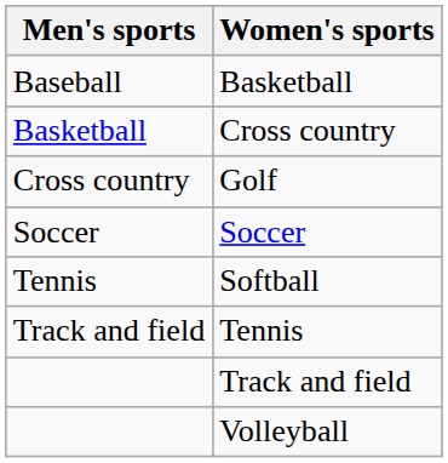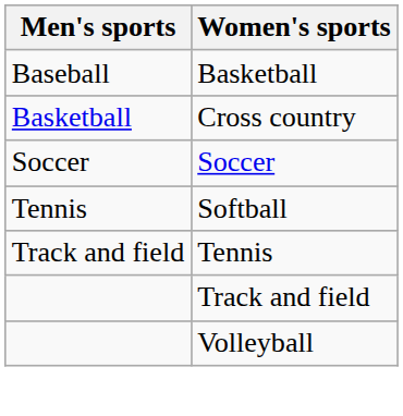 <table class= wikitable>
 <tr>
 <th>Men's sports</th>
 <th>Women's sports</th>
 </tr>
 <tr>
 <td>Baseball</td>
 <td>Basketball</td>
 </tr>
 <tr>
 <td><a href='#'>Basketball</a></td>
 <td>Cross country</td>
-</tr>
-<tr>
-<td>Cross country</td>
-<td>Golf</td>
 </tr>
 <tr>
 <td>Soccer</td>
 <td><a href='#'>Soccer</a></td>
 </tr>
 <tr>
 <td>Tennis</td>
 <td>Softball</td>
 </tr>
 <tr>
 <td>Track and field</td>
 <td>Tennis</td>
 </tr>
 <tr>
 <td></td>
 <td>Track and field</td>
 </tr>
 <tr>
 <td></td>
 <td>Volleyball</td>
 </tr>
 </table>
